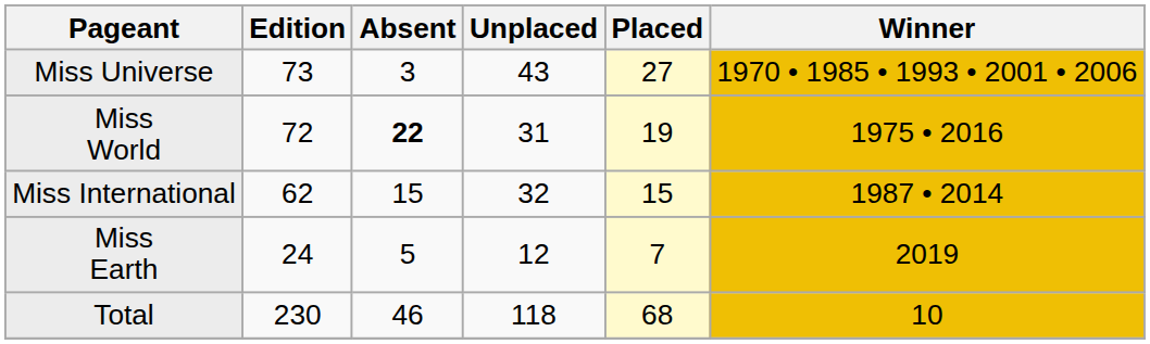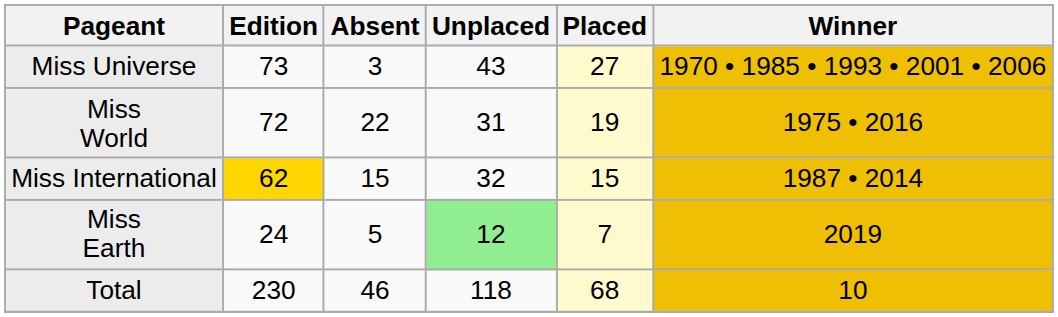 <table class="wikitable " style="font-size: 85%; text-align:center;">
 <tr>
 <th>Pageant</th>
 <th>Edition</th>
 <th>Absent</th>
 <th>Unplaced</th>
 <th>Placed</th>
 <th>Winner</th>
 </tr>
 <tr>
 <td bgcolor="#ececec">Miss Universe</td>
 <td>73</td>
 <td>3</td>
 <td>43</td>
 <td bgcolor="#FFFACD">27</td>
 <td bgcolor="#efbf04"> 1970 • 1985 • 1993 • 2001 • 2006</td>
 </tr>
 <tr>
 <td bgcolor="#ececec">Miss <br>World</td>
 <td>72</td>
-<td><strong>22</strong></td>
+<td>22</td>
 <td>31</td>
 <td bgcolor="#FFFACD">19</td>
 <td bgcolor="#efbf04"> 1975 • 2016</td>
 </tr>
 <tr>
 <td bgcolor="#ececec">Miss International</td>
-<td>62</td>
+<td style="background: gold;">62</td>
 <td>15</td>
 <td>32</td>
 <td bgcolor="#FFFACD">15</td>
 <td bgcolor="#efbf04"> 1987 • 2014</td>
 </tr>
 <tr>
 <td bgcolor="#ececec">Miss <br>Earth</td>
 <td>24</td>
 <td>5</td>
-<td>12</td>
+<td style="background: lightgreen;">12</td>
 <td bgcolor="#FFFACD">7</td>
 <td bgcolor="#efbf04"> 2019</td>
 </tr>
 <tr>
 <td bgcolor="#ececec">Total</td>
 <td>230</td>
 <td>46</td>
 <td>118</td>
 <td bgcolor="#FFFACD">68</td>
 <td bgcolor="#efbf04">10</td>
 </tr>
 <tr>
 </tr>
 </table>
